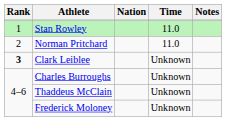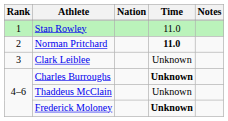 <table class="wikitable sortable" style="text-align:center">
 <tr>
 <th>Rank</th>
 <th>Athlete</th>
 <th>Nation</th>
 <th>Time</th>
 <th>Notes</th>
 </tr>
 <tr>
 </tr>
 <tr style="background:#bbf3bb;">
 <td>1</td>
 <td align=left><a href='#'>Stan Rowley</a></td>
 <td align=left></td>
 <td>11.0</td>
 <td></td>
 </tr>
 <tr>
 <td>2</td>
 <td align=left><a href='#'>Norman Pritchard</a></td>
 <td align=left></td>
-<td>11.0</td>
+<td><strong>11.0</strong></td>
 <td></td>
 </tr>
 <tr>
-<td><strong>3</strong></td>
+<td>3</td>
 <td align=left><a href='#'>Clark Leiblee</a></td>
 <td align=left></td>
 <td>Unknown</td>
 <td></td>
 </tr>
 <tr>
 <td rowspan=3>4–6</td>
 <td align=left><a href='#'>Charles Burroughs</a></td>
 <td align=left></td>
-<td>Unknown</td>
+<td><strong>Unknown</strong></td>
 <td></td>
 </tr>
 <tr>
 <td align=left><a href='#'>Thaddeus McClain</a></td>
 <td align=left></td>
 <td>Unknown</td>
 <td></td>
 </tr>
 <tr>
 <td align=left><a href='#'>Frederick Moloney</a></td>
 <td align=left></td>
-<td>Unknown</td>
+<td><strong>Unknown</strong></td>
 <td></td>
 </tr>
 </table>
